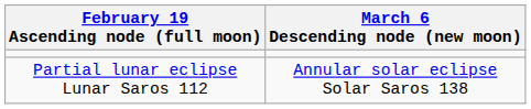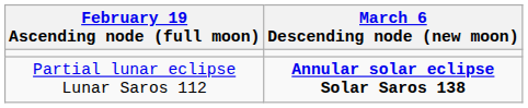 <table class="wikitable">
 <tr>
 <th><a href='#'>February 19</a><br>Ascending node (full moon)</th>
 <th><a href='#'>March 6</a><br>Descending node (new moon)</th>
 </tr>
 <tr>
 <td></td>
 <td></td>
 </tr>
 <tr align=center>
 <td><a href='#'>Partial lunar eclipse</a><br>Lunar Saros 112</td>
-<td><a href='#'>Annular solar eclipse</a><br>Solar Saros 138</td>
+<td><strong><a href='#'>Annular solar eclipse</a><br>Solar Saros 138</strong></td>
 </tr>
 </table>
